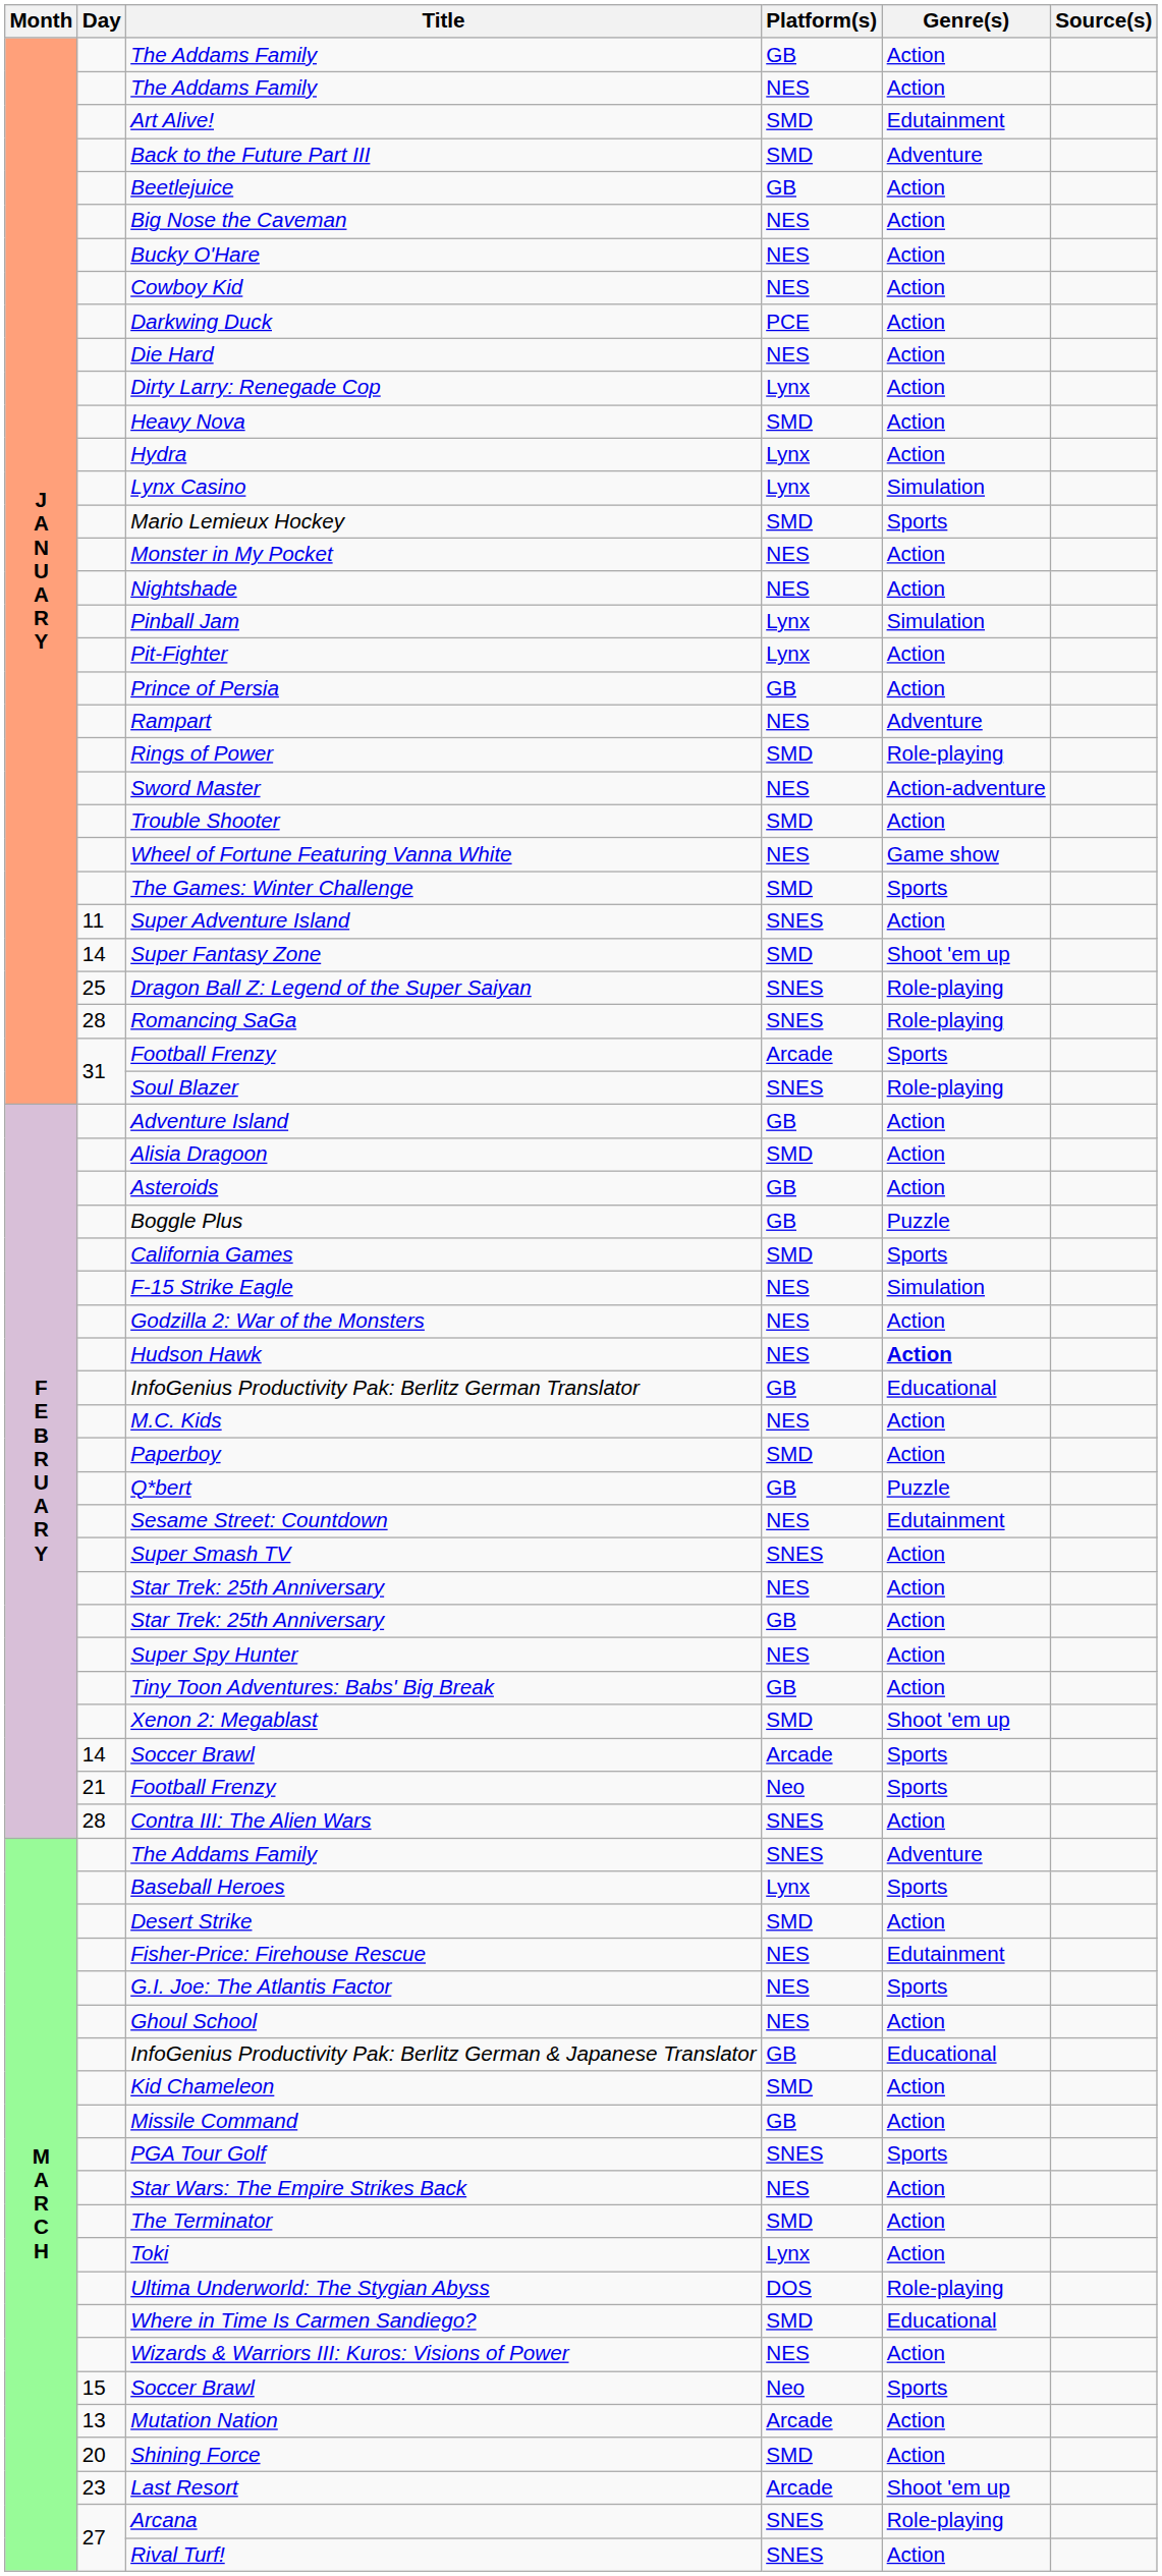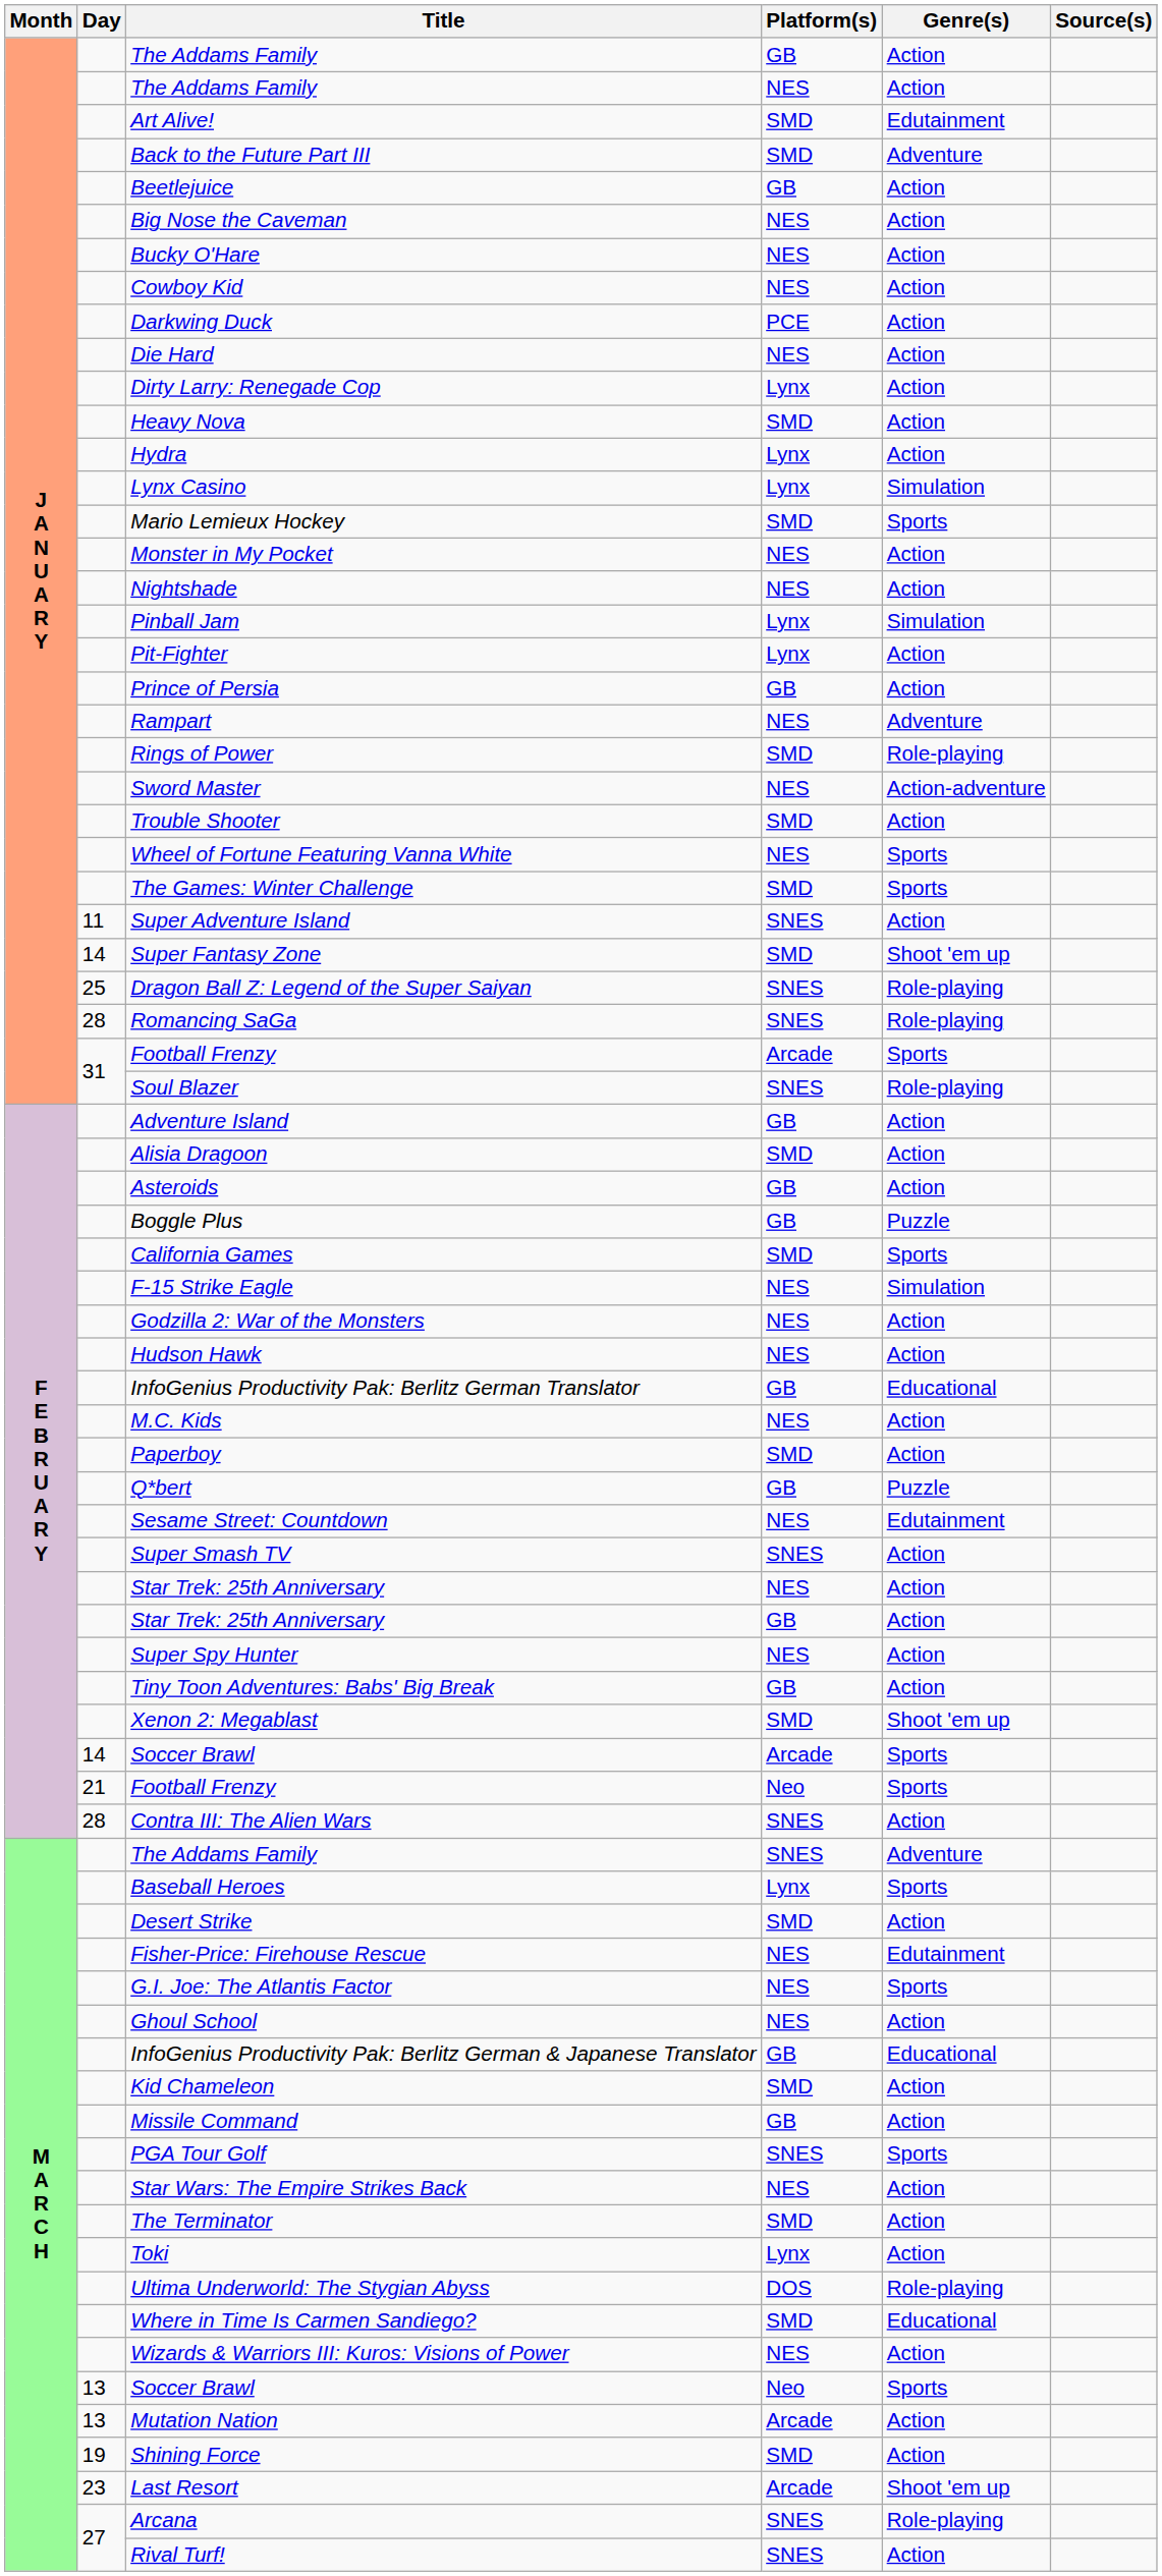 <table class="wikitable">
 <tr style="background:#dae3e7;">
 <th>Month</th>
 <th>Day</th>
 <th>Title</th>
 <th>Platform(s)</th>
 <th>Genre(s)</th>
 <th>Source(s)</th>
 </tr>
 <tr>
 <td rowspan="32" style="text-align:center; background:#ffa07a; textcolor:#000;"><strong>J<br>A<br>N<br>U<br>A<br>R<br>Y</strong></td>
 <td></td>
 <td><em><a href='#'>The Addams Family</a></em></td>
 <td><a href='#'>GB</a></td>
 <td><a href='#'>Action</a></td>
 <td align="center"></td>
 </tr>
 <tr>
 <td></td>
 <td><em><a href='#'>The Addams Family</a></em></td>
 <td><a href='#'>NES</a></td>
 <td><a href='#'>Action</a></td>
 <td align="center"></td>
 </tr>
 <tr>
 <td></td>
 <td><em><a href='#'>Art Alive!</a></em></td>
 <td><a href='#'>SMD</a></td>
 <td><a href='#'>Edutainment</a></td>
 <td align="center"></td>
 </tr>
 <tr>
 <td></td>
 <td><em><a href='#'>Back to the Future Part III</a></em></td>
 <td><a href='#'>SMD</a></td>
 <td><a href='#'>Adventure</a></td>
 <td align="center"></td>
 </tr>
 <tr>
 <td></td>
 <td><em><a href='#'>Beetlejuice</a></em></td>
 <td><a href='#'>GB</a></td>
 <td><a href='#'>Action</a></td>
 <td align="center"></td>
 </tr>
 <tr>
 <td></td>
 <td><em><a href='#'>Big Nose the Caveman</a></em></td>
 <td><a href='#'>NES</a></td>
 <td><a href='#'>Action</a></td>
 <td align="center"></td>
 </tr>
 <tr>
 <td></td>
 <td><em><a href='#'>Bucky O'Hare</a></em></td>
 <td><a href='#'>NES</a></td>
 <td><a href='#'>Action</a></td>
 <td align="center"></td>
 </tr>
 <tr>
 <td></td>
 <td><em><a href='#'>Cowboy Kid</a></em></td>
 <td><a href='#'>NES</a></td>
 <td><a href='#'>Action</a></td>
 <td align="center"></td>
 </tr>
 <tr>
 <td></td>
 <td><em><a href='#'>Darkwing Duck</a></em></td>
 <td><a href='#'>PCE</a></td>
 <td><a href='#'>Action</a></td>
 <td align="center"></td>
 </tr>
 <tr>
 <td></td>
 <td><em><a href='#'>Die Hard</a></em></td>
 <td><a href='#'>NES</a></td>
 <td><a href='#'>Action</a></td>
 <td align="center"></td>
 </tr>
 <tr>
 <td></td>
 <td><em><a href='#'>Dirty Larry: Renegade Cop</a></em></td>
 <td><a href='#'>Lynx</a></td>
 <td><a href='#'>Action</a></td>
 <td align="center"></td>
 </tr>
 <tr>
 <td></td>
 <td><em><a href='#'>Heavy Nova</a></em></td>
 <td><a href='#'>SMD</a></td>
 <td><a href='#'>Action</a></td>
 <td align="center"></td>
 </tr>
 <tr>
 <td></td>
 <td><em><a href='#'>Hydra</a></em></td>
 <td><a href='#'>Lynx</a></td>
 <td><a href='#'>Action</a></td>
 <td align="center"></td>
 </tr>
 <tr>
 <td></td>
 <td><em><a href='#'>Lynx Casino</a></em></td>
 <td><a href='#'>Lynx</a></td>
 <td><a href='#'>Simulation</a></td>
 <td align="center"></td>
 </tr>
 <tr>
 <td></td>
 <td><em>Mario Lemieux Hockey</em></td>
 <td><a href='#'>SMD</a></td>
 <td><a href='#'>Sports</a></td>
 <td align="center"></td>
 </tr>
 <tr>
 <td></td>
 <td><em><a href='#'>Monster in My Pocket</a></em></td>
 <td><a href='#'>NES</a></td>
 <td><a href='#'>Action</a></td>
 <td align="center"></td>
 </tr>
 <tr>
 <td></td>
 <td><em><a href='#'>Nightshade</a></em></td>
 <td><a href='#'>NES</a></td>
 <td><a href='#'>Action</a></td>
 <td align="center"></td>
 </tr>
 <tr>
 <td></td>
 <td><em><a href='#'>Pinball Jam</a></em></td>
 <td><a href='#'>Lynx</a></td>
 <td><a href='#'>Simulation</a></td>
 <td align="center"></td>
 </tr>
 <tr>
 <td></td>
 <td><em><a href='#'>Pit-Fighter</a></em></td>
 <td><a href='#'>Lynx</a></td>
 <td><a href='#'>Action</a></td>
 <td align="center"></td>
 </tr>
 <tr>
 <td></td>
 <td><em><a href='#'>Prince of Persia</a></em></td>
 <td><a href='#'>GB</a></td>
 <td><a href='#'>Action</a></td>
 <td align="center"></td>
 </tr>
 <tr>
 <td></td>
 <td><em><a href='#'>Rampart</a></em></td>
 <td><a href='#'>NES</a></td>
 <td><a href='#'>Adventure</a></td>
 <td align="center"></td>
 </tr>
 <tr>
 <td></td>
 <td><em><a href='#'>Rings of Power</a></em></td>
 <td><a href='#'>SMD</a></td>
 <td><a href='#'>Role-playing</a></td>
 <td align="center"></td>
 </tr>
 <tr>
 <td></td>
 <td><em><a href='#'>Sword Master</a></em></td>
 <td><a href='#'>NES</a></td>
 <td><a href='#'>Action-adventure</a></td>
 <td align="center"></td>
 </tr>
 <tr>
 <td></td>
 <td><em><a href='#'>Trouble Shooter</a></em></td>
 <td><a href='#'>SMD</a></td>
 <td><a href='#'>Action</a></td>
 <td align="center"></td>
 </tr>
 <tr>
 <td></td>
 <td><em><a href='#'>Wheel of Fortune Featuring Vanna White</a></em></td>
 <td><a href='#'>NES</a></td>
-<td><a href='#'>Game show</a></td>
+<td><a href='#'>Sports</a></td>
 <td align="center"></td>
 </tr>
 <tr>
 <td></td>
 <td><em><a href='#'>The Games: Winter Challenge</a></em></td>
 <td><a href='#'>SMD</a></td>
 <td><a href='#'>Sports</a></td>
 <td align="center"></td>
 </tr>
 <tr>
 <td>11</td>
 <td><em><a href='#'>Super Adventure Island</a></em></td>
 <td><a href='#'>SNES</a></td>
 <td><a href='#'>Action</a></td>
 <td align="center"></td>
 </tr>
 <tr>
 <td>14</td>
 <td><em><a href='#'>Super Fantasy Zone</a></em></td>
 <td><a href='#'>SMD</a></td>
 <td><a href='#'>Shoot 'em up</a></td>
 <td align="center"></td>
 </tr>
 <tr>
 <td>25</td>
 <td><em><a href='#'>Dragon Ball Z: Legend of the Super Saiyan</a></em></td>
 <td><a href='#'>SNES</a></td>
 <td><a href='#'>Role-playing</a></td>
 <td align="center"></td>
 </tr>
 <tr>
 <td>28</td>
 <td><em><a href='#'>Romancing SaGa</a></em></td>
 <td><a href='#'>SNES</a></td>
 <td><a href='#'>Role-playing</a></td>
 <td align="center"></td>
 </tr>
 <tr>
 <td rowspan=2>31</td>
 <td><em><a href='#'>Football Frenzy</a></em></td>
 <td><a href='#'>Arcade</a></td>
 <td><a href='#'>Sports</a></td>
 <td align="center"></td>
 </tr>
 <tr>
 <td><em><a href='#'>Soul Blazer</a></em></td>
 <td><a href='#'>SNES</a></td>
 <td><a href='#'>Role-playing</a></td>
 <td align="center"></td>
 </tr>
 <tr>
 <td rowspan="22" style="text-align:center; background:thistle; textcolor:#000;"><strong>F<br>E<br>B<br>R<br>U<br>A<br>R<br>Y</strong></td>
 <td></td>
 <td><em><a href='#'>Adventure Island</a></em></td>
 <td><a href='#'>GB</a></td>
 <td><a href='#'>Action</a></td>
 <td align="center"></td>
 </tr>
 <tr>
 <td></td>
 <td><em><a href='#'>Alisia Dragoon</a></em></td>
 <td><a href='#'>SMD</a></td>
 <td><a href='#'>Action</a></td>
 <td align="center"></td>
 </tr>
 <tr>
 <td></td>
 <td><em><a href='#'>Asteroids</a></em></td>
 <td><a href='#'>GB</a></td>
 <td><a href='#'>Action</a></td>
 <td align="center"></td>
 </tr>
 <tr>
 <td></td>
 <td><em>Boggle Plus</em></td>
 <td><a href='#'>GB</a></td>
 <td><a href='#'>Puzzle</a></td>
 <td align="center"></td>
 </tr>
 <tr>
 <td></td>
 <td><em><a href='#'>California Games</a></em></td>
 <td><a href='#'>SMD</a></td>
 <td><a href='#'>Sports</a></td>
 <td align="center"></td>
 </tr>
 <tr>
 <td></td>
 <td><em><a href='#'>F-15 Strike Eagle</a></em></td>
 <td><a href='#'>NES</a></td>
 <td><a href='#'>Simulation</a></td>
 <td align="center"></td>
 </tr>
 <tr>
 <td></td>
 <td><em><a href='#'>Godzilla 2: War of the Monsters</a></em></td>
 <td><a href='#'>NES</a></td>
 <td><a href='#'>Action</a></td>
 <td align="center"></td>
 </tr>
 <tr>
 <td></td>
 <td><em><a href='#'>Hudson Hawk</a></em></td>
 <td><a href='#'>NES</a></td>
-<td><strong><a href='#'>Action</a></strong></td>
+<td><a href='#'>Action</a></td>
 <td align="center"></td>
 </tr>
 <tr>
 <td></td>
 <td><em>InfoGenius Productivity Pak: Berlitz German Translator</em></td>
 <td><a href='#'>GB</a></td>
 <td><a href='#'>Educational</a></td>
 <td align="center"></td>
 </tr>
 <tr>
 <td></td>
 <td><em><a href='#'>M.C. Kids</a></em></td>
 <td><a href='#'>NES</a></td>
 <td><a href='#'>Action</a></td>
 <td align="center"></td>
 </tr>
 <tr>
 <td></td>
 <td><em><a href='#'>Paperboy</a></em></td>
 <td><a href='#'>SMD</a></td>
 <td><a href='#'>Action</a></td>
 <td align="center"></td>
 </tr>
 <tr>
 <td></td>
 <td><em><a href='#'>Q*bert</a></em></td>
 <td><a href='#'>GB</a></td>
 <td><a href='#'>Puzzle</a></td>
 <td align="center"></td>
 </tr>
 <tr>
 <td></td>
 <td><em><a href='#'>Sesame Street: Countdown</a></em></td>
 <td><a href='#'>NES</a></td>
 <td><a href='#'>Edutainment</a></td>
 <td align="center"></td>
 </tr>
 <tr>
 <td></td>
 <td><em><a href='#'>Super Smash TV</a></em></td>
 <td><a href='#'>SNES</a></td>
 <td><a href='#'>Action</a></td>
 <td align="center"></td>
 </tr>
 <tr>
 <td></td>
 <td><em><a href='#'>Star Trek: 25th Anniversary</a></em></td>
 <td><a href='#'>NES</a></td>
 <td><a href='#'>Action</a></td>
 <td align="center"></td>
 </tr>
 <tr>
 <td></td>
 <td><em><a href='#'>Star Trek: 25th Anniversary</a></em></td>
 <td><a href='#'>GB</a></td>
 <td><a href='#'>Action</a></td>
 <td align="center"></td>
 </tr>
 <tr>
 <td></td>
 <td><em><a href='#'>Super Spy Hunter</a></em></td>
 <td><a href='#'>NES</a></td>
 <td><a href='#'>Action</a></td>
 <td align="center"></td>
 </tr>
 <tr>
 <td></td>
 <td><em><a href='#'>Tiny Toon Adventures: Babs' Big Break</a></em></td>
 <td><a href='#'>GB</a></td>
 <td><a href='#'>Action</a></td>
 <td align="center"></td>
 </tr>
 <tr>
 <td></td>
 <td><em><a href='#'>Xenon 2: Megablast</a></em></td>
 <td><a href='#'>SMD</a></td>
 <td><a href='#'>Shoot 'em up</a></td>
 <td align="center"></td>
 </tr>
 <tr>
 <td>14</td>
 <td><em><a href='#'>Soccer Brawl</a></em></td>
 <td><a href='#'>Arcade</a></td>
 <td><a href='#'>Sports</a></td>
 <td align="center"></td>
 </tr>
 <tr>
 <td>21</td>
 <td><em><a href='#'>Football Frenzy</a></em></td>
 <td><a href='#'>Neo</a></td>
 <td><a href='#'>Sports</a></td>
 <td align="center"></td>
 </tr>
 <tr>
 <td>28</td>
 <td><em><a href='#'>Contra III: The Alien Wars</a></em></td>
 <td><a href='#'>SNES</a></td>
 <td><a href='#'>Action</a></td>
 <td align="center"></td>
 </tr>
 <tr>
 <td rowspan="22" style="text-align:center; background:#98fb98; textcolor:#000;"><strong>M<br>A<br>R<br>C<br>H</strong></td>
 <td></td>
 <td><em><a href='#'>The Addams Family</a></em></td>
 <td><a href='#'>SNES</a></td>
 <td><a href='#'>Adventure</a></td>
 <td align="center"></td>
 </tr>
 <tr>
 <td></td>
 <td><em><a href='#'>Baseball Heroes</a></em></td>
 <td><a href='#'>Lynx</a></td>
 <td><a href='#'>Sports</a></td>
 <td align="center"></td>
 </tr>
 <tr>
 <td></td>
 <td><em><a href='#'>Desert Strike</a></em></td>
 <td><a href='#'>SMD</a></td>
 <td><a href='#'>Action</a></td>
 <td align="center"></td>
 </tr>
 <tr>
 <td></td>
 <td><em><a href='#'>Fisher-Price: Firehouse Rescue</a></em></td>
 <td><a href='#'>NES</a></td>
 <td><a href='#'>Edutainment</a></td>
 <td align="center"></td>
 </tr>
 <tr>
 <td></td>
 <td><em><a href='#'>G.I. Joe: The Atlantis Factor</a></em></td>
 <td><a href='#'>NES</a></td>
 <td><a href='#'>Sports</a></td>
 <td align="center"></td>
 </tr>
 <tr>
 <td></td>
 <td><em><a href='#'>Ghoul School</a></em></td>
 <td><a href='#'>NES</a></td>
 <td><a href='#'>Action</a></td>
 <td align="center"></td>
 </tr>
 <tr>
 <td></td>
 <td><em>InfoGenius Productivity Pak: Berlitz German & Japanese Translator</em></td>
 <td><a href='#'>GB</a></td>
 <td><a href='#'>Educational</a></td>
 <td align="center"></td>
 </tr>
 <tr>
 <td></td>
 <td><em><a href='#'>Kid Chameleon</a></em></td>
 <td><a href='#'>SMD</a></td>
 <td><a href='#'>Action</a></td>
 <td align="center"></td>
 </tr>
 <tr>
 <td></td>
 <td><em><a href='#'>Missile Command</a></em></td>
 <td><a href='#'>GB</a></td>
 <td><a href='#'>Action</a></td>
 <td align="center"></td>
 </tr>
 <tr>
 <td></td>
 <td><em><a href='#'>PGA Tour Golf</a></em></td>
 <td><a href='#'>SNES</a></td>
 <td><a href='#'>Sports</a></td>
 <td align="center"></td>
 </tr>
 <tr>
 <td></td>
 <td><em><a href='#'>Star Wars: The Empire Strikes Back</a></em></td>
 <td><a href='#'>NES</a></td>
 <td><a href='#'>Action</a></td>
 <td align="center"></td>
 </tr>
 <tr>
 <td></td>
 <td><em><a href='#'>The Terminator</a></em></td>
 <td><a href='#'>SMD</a></td>
 <td><a href='#'>Action</a></td>
 <td align="center"></td>
 </tr>
 <tr>
 <td></td>
 <td><em><a href='#'>Toki</a></em></td>
 <td><a href='#'>Lynx</a></td>
 <td><a href='#'>Action</a></td>
 <td align="center"></td>
 </tr>
 <tr>
 <td></td>
 <td><em><a href='#'>Ultima Underworld: The Stygian Abyss</a></em></td>
 <td><a href='#'>DOS</a></td>
 <td><a href='#'>Role-playing</a></td>
 <td align="center"></td>
 </tr>
 <tr>
 <td></td>
 <td><em><a href='#'>Where in Time Is Carmen Sandiego?</a></em></td>
 <td><a href='#'>SMD</a></td>
 <td><a href='#'>Educational</a></td>
 <td align="center"></td>
 </tr>
 <tr>
 <td></td>
 <td><em><a href='#'>Wizards & Warriors III: Kuros: Visions of Power</a></em></td>
 <td><a href='#'>NES</a></td>
 <td><a href='#'>Action</a></td>
 <td align="center"></td>
 </tr>
 <tr>
-<td>15</td>
+<td>13</td>
 <td><em><a href='#'>Soccer Brawl</a></em></td>
 <td><a href='#'>Neo</a></td>
 <td><a href='#'>Sports</a></td>
 <td align="center"></td>
 </tr>
 <tr>
 <td>13</td>
 <td><em><a href='#'>Mutation Nation</a></em></td>
 <td><a href='#'>Arcade</a></td>
 <td><a href='#'>Action</a></td>
 <td align="center"></td>
 </tr>
 <tr>
-<td>20</td>
+<td>19</td>
 <td><em><a href='#'>Shining Force</a></em></td>
 <td><a href='#'>SMD</a></td>
 <td><a href='#'>Action</a></td>
 <td align="center"></td>
 </tr>
 <tr>
 <td>23</td>
 <td><em><a href='#'>Last Resort</a></em></td>
 <td><a href='#'>Arcade</a></td>
 <td><a href='#'>Shoot 'em up</a></td>
 <td align="center"></td>
 </tr>
 <tr>
 <td rowspan=2>27</td>
 <td><em><a href='#'>Arcana</a></em></td>
 <td><a href='#'>SNES</a></td>
 <td><a href='#'>Role-playing</a></td>
 <td align="center"></td>
 </tr>
 <tr>
 <td><em><a href='#'>Rival Turf!</a></em></td>
 <td><a href='#'>SNES</a></td>
 <td><a href='#'>Action</a></td>
 <td align="center"></td>
 </tr>
 </table>
